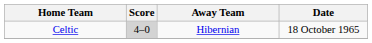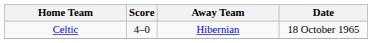 <table class="wikitable" style="text-align:center;">
 <tr>
 <th width=175>Home Team</th>
 <th width=20>Score</th>
 <th width=175>Away Team</th>
 <th width= 125>Date</th>
 </tr>
 <tr>
 <td><a href='#'>Celtic</a></td>
-<td style="background: lightgrey;">4–0</td>
+<td>4–0</td>
 <td><a href='#'>Hibernian</a></td>
 <td>18 October 1965</td>
 </tr>
 <tr>
 </tr>
 </table>
